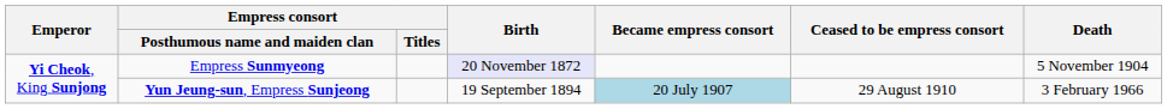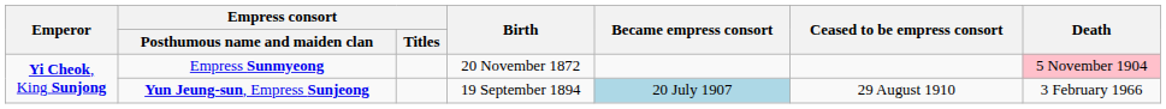 <table class="wikitable" width="95%">
 <tr>
 <th rowspan="2">Emperor</th>
 <th colspan="2">Empress consort</th>
 <th rowspan="2">Birth</th>
 <th rowspan="2">Became empress consort</th>
 <th rowspan="2">Ceased to be empress consort</th>
 <th rowspan="2">Death</th>
 </tr>
 <tr>
 <th>Posthumous name and maiden clan</th>
 <th>Titles</th>
 </tr>
 <tr>
 <td align="center" rowspan="2"><a href='#'><strong>Yi Cheok</strong>,<br>King <strong>Sunjong</strong></a></td>
 <td align="center"><a href='#'>Empress <strong>Sunmyeong</strong><br></a></td>
 <td></td>
-<td align="center" style="background: lavender;">20 November 1872</td>
+<td align="center">20 November 1872</td>
 <td align="center"></td>
 <td align="center"></td>
-<td align="center">5 November 1904</td>
+<td align="center" style="background: pink;">5 November 1904</td>
 </tr>
 <tr>
 <td align="center" rowspan="2"><a href='#'><strong>Yun Jeung-sun</strong>, Empress <strong>Sunjeong</strong><br></a></td>
 <td></td>
 <td align="center" rowspan="2">19 September 1894</td>
 <td align="center" style="background: lightblue;">20 July 1907</td>
 <td align="center" rowspan="2">29 August 1910<br><em></em></td>
 <td align="center" rowspan="2">3 February 1966</td>
 </tr>
 </table>
